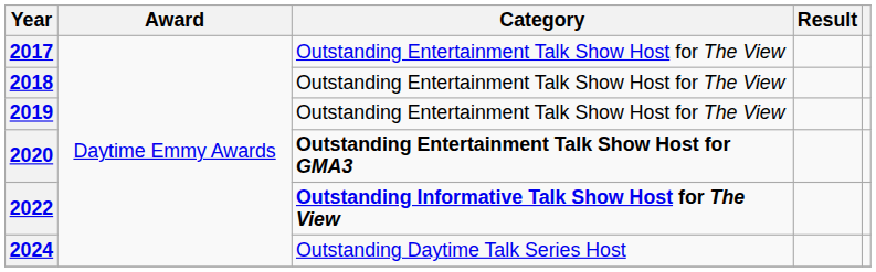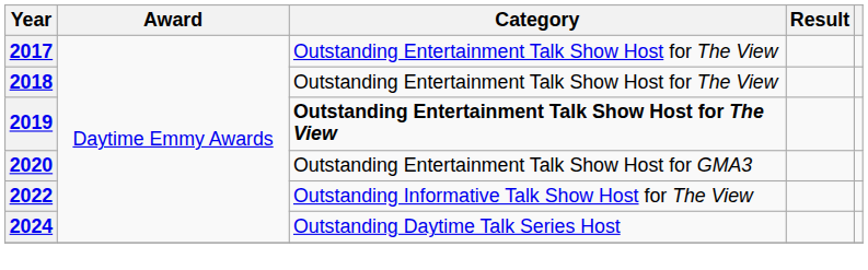 <table class="wikitable plainrowheaders" style="width:80%;">
 <tr>
 <th>Year</th>
 <th style="width:27%;" scope="col">Award</th>
 <th>Category</th>
 <th>Result</th>
 <th></th>
 </tr>
 <tr>
 <th scope="row"><a href='#'>2017</a></th>
 <td style="text-align:center;" rowspan="6"><a href='#'>Daytime Emmy Awards</a></td>
 <td><a href='#'>Outstanding Entertainment Talk Show Host</a> for <em>The View</em><br></td>
 <td></td>
 <td style="text-align:center;"></td>
 </tr>
 <tr>
 <th scope="row"><a href='#'>2018</a></th>
 <td>Outstanding Entertainment Talk Show Host for <em>The View</em><br></td>
 <td></td>
 <td style="text-align:center;"></td>
 </tr>
 <tr>
 <th scope="row"><a href='#'>2019</a></th>
-<td>Outstanding Entertainment Talk Show Host for <em>The View</em><br></td>
+<td><strong>Outstanding Entertainment Talk Show Host for <em>The View</em><br></strong></td>
 <td></td>
 <td style="text-align:center;"></td>
 </tr>
 <tr>
 <th scope="row"><a href='#'>2020</a></th>
-<td><strong>Outstanding Entertainment Talk Show Host for <em>GMA3</em><br></strong></td>
+<td>Outstanding Entertainment Talk Show Host for <em>GMA3</em><br></td>
 <td></td>
 <td style="text-align:center;"></td>
 </tr>
 <tr>
 <th scope="row"><a href='#'>2022</a></th>
-<td><strong><a href='#'>Outstanding Informative Talk Show Host</a> for <em>The View</em><br></strong></td>
+<td><a href='#'>Outstanding Informative Talk Show Host</a> for <em>The View</em><br></td>
 <td></td>
 <td style="text-align:center;"></td>
 </tr>
 <tr>
 <th scope="row"><a href='#'>2024</a></th>
 <td><a href='#'>Outstanding Daytime Talk Series Host</a><br></td>
 <td></td>
 <td style="text-align:center;"></td>
 </tr>
 <tr>
 </tr>
 </table>
